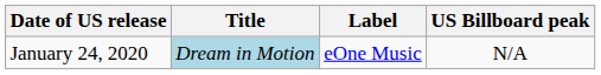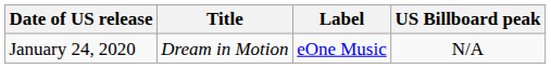 <table class="wikitable">
 <tr>
 <th>Date of US release</th>
 <th>Title</th>
 <th>Label</th>
 <th>US Billboard peak</th>
 </tr>
 <tr>
 <td>January 24, 2020</td>
-<td style="background: lightblue;"><em>Dream in Motion</em></td>
+<td><em>Dream in Motion</em></td>
 <td rowspan="2"><a href='#'>eOne Music</a></td>
 <td style="text-align:center;">N/A</td>
 </tr>
 </table>
